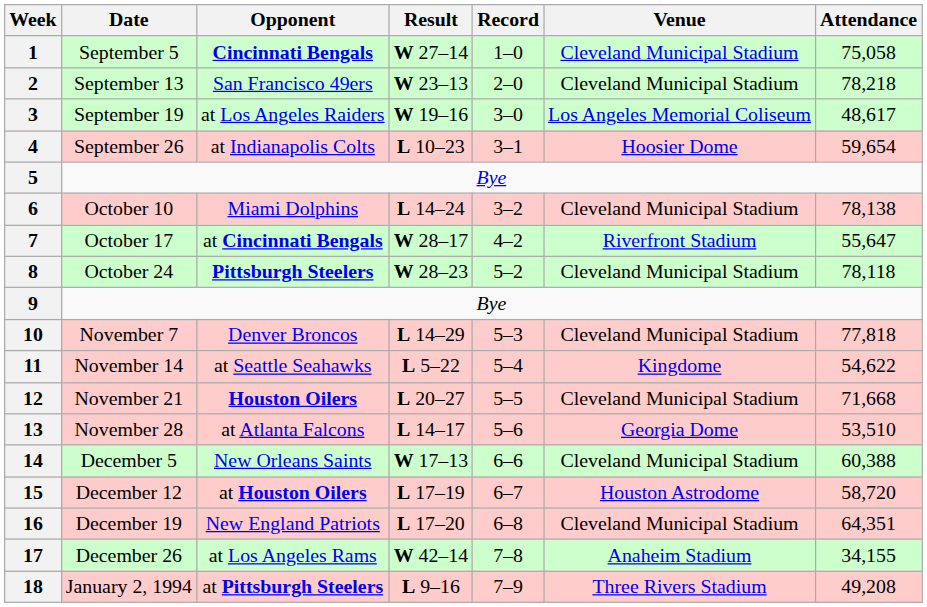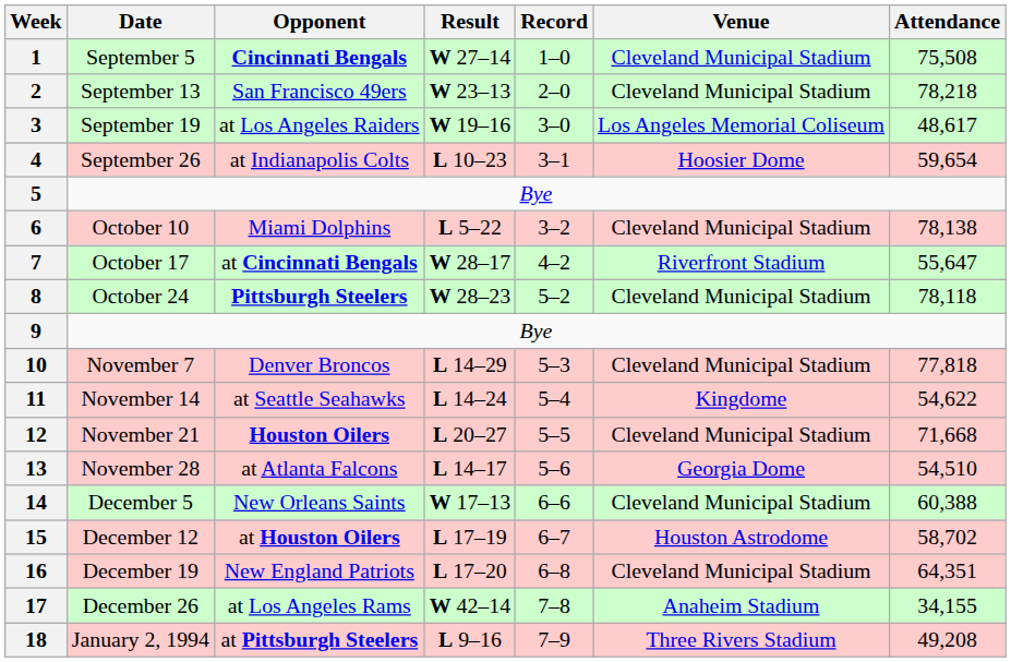 <table class="wikitable" style="text-align:center">
 <tr>
 <th>Week</th>
 <th>Date</th>
 <th>Opponent</th>
 <th>Result</th>
 <th>Record</th>
 <th>Venue</th>
 <th>Attendance</th>
 </tr>
 <tr style="background:#cfc">
 <th>1</th>
 <td>September 5</td>
 <td><strong><a href='#'>Cincinnati Bengals</a></strong></td>
 <td><strong>W</strong> 27–14</td>
 <td>1–0</td>
 <td><a href='#'>Cleveland Municipal Stadium</a></td>
-<td>75,058</td>
+<td>75,508</td>
 </tr>
 <tr style="background:#cfc">
 <th>2</th>
 <td>September 13</td>
 <td><a href='#'>San Francisco 49ers</a></td>
 <td><strong>W</strong> 23–13</td>
 <td>2–0</td>
 <td>Cleveland Municipal Stadium</td>
 <td>78,218</td>
 </tr>
 <tr style="background:#cfc">
 <th>3</th>
 <td>September 19</td>
 <td>at <a href='#'>Los Angeles Raiders</a></td>
 <td><strong>W</strong> 19–16</td>
 <td>3–0</td>
 <td><a href='#'>Los Angeles Memorial Coliseum</a></td>
 <td>48,617</td>
 </tr>
 <tr style="background:#fcc">
 <th>4</th>
 <td>September 26</td>
 <td>at <a href='#'>Indianapolis Colts</a></td>
 <td><strong>L</strong> 10–23</td>
 <td>3–1</td>
 <td><a href='#'>Hoosier Dome</a></td>
 <td>59,654</td>
 </tr>
 <tr>
 <th>5</th>
 <td colspan="6" align="center"><em><a href='#'>Bye</a></em></td>
 </tr>
 <tr style="background:#fcc">
 <th>6</th>
 <td>October 10</td>
 <td><a href='#'>Miami Dolphins</a></td>
-<td><strong>L</strong> 14–24</td>
+<td><strong>L</strong> 5–22</td>
 <td>3–2</td>
 <td>Cleveland Municipal Stadium</td>
 <td>78,138</td>
 </tr>
 <tr style="background:#cfc">
 <th>7</th>
 <td>October 17</td>
 <td>at <strong><a href='#'>Cincinnati Bengals</a></strong></td>
 <td><strong>W</strong> 28–17</td>
 <td>4–2</td>
 <td><a href='#'>Riverfront Stadium</a></td>
 <td>55,647</td>
 </tr>
 <tr style="background:#cfc">
 <th>8</th>
 <td>October 24</td>
 <td><strong><a href='#'>Pittsburgh Steelers</a></strong></td>
 <td><strong>W</strong> 28–23</td>
 <td>5–2</td>
 <td>Cleveland Municipal Stadium</td>
 <td>78,118</td>
 </tr>
 <tr>
 <th>9</th>
 <td colspan="6" align="center"><em>Bye</em></td>
 </tr>
 <tr style="background:#fcc">
 <th>10</th>
 <td>November 7</td>
 <td><a href='#'>Denver Broncos</a></td>
 <td><strong>L</strong> 14–29</td>
 <td>5–3</td>
 <td>Cleveland Municipal Stadium</td>
 <td>77,818</td>
 </tr>
 <tr style="background:#fcc">
 <th>11</th>
 <td>November 14</td>
 <td>at <a href='#'>Seattle Seahawks</a></td>
-<td><strong>L</strong> 5–22</td>
+<td><strong>L</strong> 14–24</td>
 <td>5–4</td>
 <td><a href='#'>Kingdome</a></td>
 <td>54,622</td>
 </tr>
 <tr style="background:#fcc">
 <th>12</th>
 <td>November 21</td>
 <td><strong><a href='#'>Houston Oilers</a></strong></td>
 <td><strong>L</strong> 20–27</td>
 <td>5–5</td>
 <td>Cleveland Municipal Stadium</td>
 <td>71,668</td>
 </tr>
 <tr style="background:#fcc">
 <th>13</th>
 <td>November 28</td>
 <td>at <a href='#'>Atlanta Falcons</a></td>
 <td><strong>L</strong> 14–17</td>
 <td>5–6</td>
 <td><a href='#'>Georgia Dome</a></td>
-<td>53,510</td>
+<td>54,510</td>
 </tr>
 <tr style="background:#cfc">
 <th>14</th>
 <td>December 5</td>
 <td><a href='#'>New Orleans Saints</a></td>
 <td><strong>W</strong> 17–13</td>
 <td>6–6</td>
 <td>Cleveland Municipal Stadium</td>
 <td>60,388</td>
 </tr>
 <tr style="background:#fcc">
 <th>15</th>
 <td>December 12</td>
 <td>at <strong><a href='#'>Houston Oilers</a></strong></td>
 <td><strong>L</strong> 17–19</td>
 <td>6–7</td>
 <td><a href='#'>Houston Astrodome</a></td>
-<td>58,720</td>
+<td>58,702</td>
 </tr>
 <tr style="background:#fcc">
 <th>16</th>
 <td>December 19</td>
 <td><a href='#'>New England Patriots</a></td>
 <td><strong>L</strong> 17–20</td>
 <td>6–8</td>
 <td>Cleveland Municipal Stadium</td>
 <td>64,351</td>
 </tr>
 <tr style="background:#cfc">
 <th>17</th>
 <td>December 26</td>
 <td>at <a href='#'>Los Angeles Rams</a></td>
 <td><strong>W</strong> 42–14</td>
 <td>7–8</td>
 <td><a href='#'>Anaheim Stadium</a></td>
 <td>34,155</td>
 </tr>
 <tr style="background:#fcc">
 <th>18</th>
 <td>January 2, 1994</td>
 <td>at <strong><a href='#'>Pittsburgh Steelers</a></strong></td>
 <td><strong>L</strong> 9–16</td>
 <td>7–9</td>
 <td><a href='#'>Three Rivers Stadium</a></td>
 <td>49,208</td>
 </tr>
 </table>
